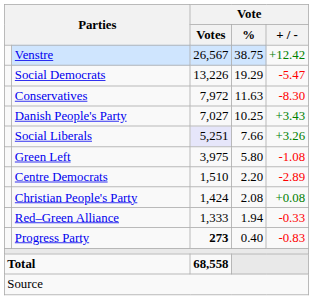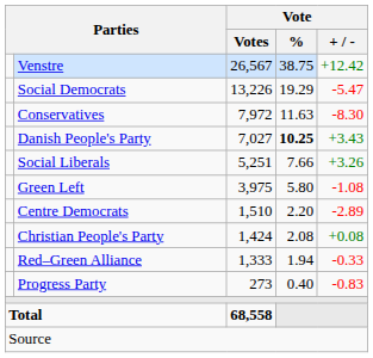 <table class="wikitable" style="text-align:right;">
 <tr>
 <th style="text-align:centre;" rowspan="2" colspan="2" width="225">Parties</th>
 <th colspan="3">Vote</th>
 </tr>
 <tr>
 <th width="15">Votes</th>
 <th width="15">%</th>
 <th width="15">+ / -</th>
 </tr>
 <tr>
 <td width="2" style="color:inherit;background:"></td>
 <td bgcolor=#cfe5fe  align="left"><a href='#'>Venstre</a></td>
 <td bgcolor=#cfe5fe>26,567</td>
 <td bgcolor=#cfe5fe>38.75</td>
 <td style=color:green;>+12.42</td>
 </tr>
 <tr>
 <td width="2" style="color:inherit;background:"></td>
 <td align="left"><a href='#'>Social Democrats</a></td>
 <td>13,226</td>
 <td>19.29</td>
 <td style=color:red;>-5.47</td>
 </tr>
 <tr>
 <td width="2" style="color:inherit;background:"></td>
 <td align="left"><a href='#'>Conservatives</a></td>
 <td>7,972</td>
 <td>11.63</td>
 <td style=color:red;>-8.30</td>
 </tr>
 <tr>
 <td width="2" style="color:inherit;background:"></td>
 <td align="left"><a href='#'>Danish People's Party</a></td>
 <td>7,027</td>
-<td>10.25</td>
+<td><strong>10.25</strong></td>
 <td style=color:green;>+3.43</td>
 </tr>
 <tr>
 <td width="2" style="color:inherit;background:"></td>
 <td align="left"><a href='#'>Social Liberals</a></td>
-<td style="background: lavender;">5,251</td>
+<td>5,251</td>
 <td>7.66</td>
 <td style=color:green;>+3.26</td>
 </tr>
 <tr>
 <td width="2" style="color:inherit;background:"></td>
 <td align="left"><a href='#'>Green Left</a></td>
 <td>3,975</td>
 <td>5.80</td>
 <td style=color:red;>-1.08</td>
 </tr>
 <tr>
 <td width="2" style="color:inherit;background:"></td>
 <td align="left"><a href='#'>Centre Democrats</a></td>
 <td>1,510</td>
 <td>2.20</td>
 <td style=color:red;>-2.89</td>
 </tr>
 <tr>
 <td width="2" style="color:inherit;background:"></td>
 <td align="left"><a href='#'>Christian People's Party</a></td>
 <td>1,424</td>
 <td>2.08</td>
 <td style=color:green;>+0.08</td>
 </tr>
 <tr>
 <td width="2" style="color:inherit;background:"></td>
 <td align="left"><a href='#'>Red–Green Alliance</a></td>
 <td>1,333</td>
 <td>1.94</td>
 <td style=color:red;>-0.33</td>
 </tr>
 <tr>
 <td width="2" style="color:inherit;background:"></td>
 <td align="left"><a href='#'>Progress Party</a></td>
-<td><strong>273</strong></td>
+<td>273</td>
 <td>0.40</td>
 <td style=color:red;>-0.83</td>
 </tr>
 <tr>
 <td colspan="7" bgcolor="#E9E9E9"></td>
 </tr>
 <tr>
 <td align="left" colspan="2"><strong>Total</strong></td>
 <td><strong>68,558</strong></td>
 <td bgcolor="#E9E9E9" colspan="2"></td>
 </tr>
 <tr>
 <td align="left" colspan="6">Source</td>
 </tr>
 </table>
